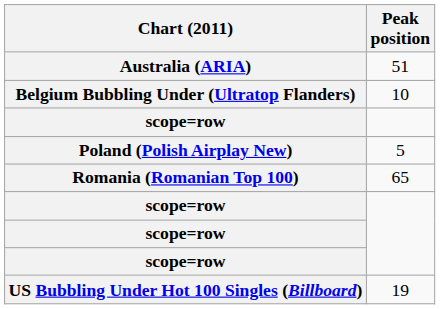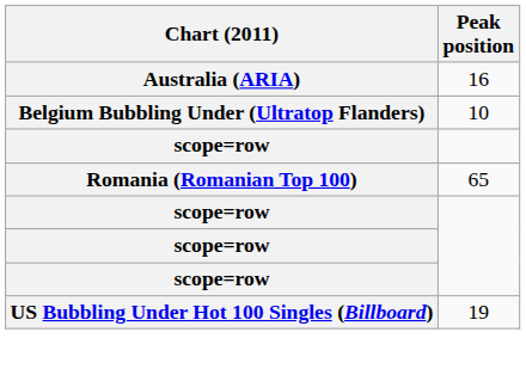 <table class="wikitable sortable plainrowheaders">
 <tr>
 <th>Chart (2011)</th>
 <th>Peak<br>position</th>
 </tr>
 <tr>
 <th scope=row>Australia (<a href='#'>ARIA</a>)</th>
-<td align="center">51</td>
+<td align="center">16</td>
 </tr>
 <tr>
 <th scope="row">Belgium Bubbling Under (<a href='#'>Ultratop</a> Flanders)</th>
 <td align="center">10</td>
 </tr>
 <tr>
 <th>scope=row</th>
-</tr>
-<tr>
-<th scope="row">Poland (<a href='#'>Polish Airplay New</a>)</th>
-<td align="center">5</td>
 </tr>
 <tr>
 <th scope=row>Romania (<a href='#'>Romanian Top 100</a>)</th>
 <td align="center">65</td>
 </tr>
 <tr>
 <th>scope=row</th>
 </tr>
 <tr>
 <th>scope=row</th>
 </tr>
 <tr>
 <th>scope=row</th>
 </tr>
 <tr>
 <th scope=row>US <a href='#'>Bubbling Under Hot 100 Singles</a> (<a href='#'><em>Billboard</em></a>)</th>
 <td align="center">19</td>
 </tr>
 </table>
